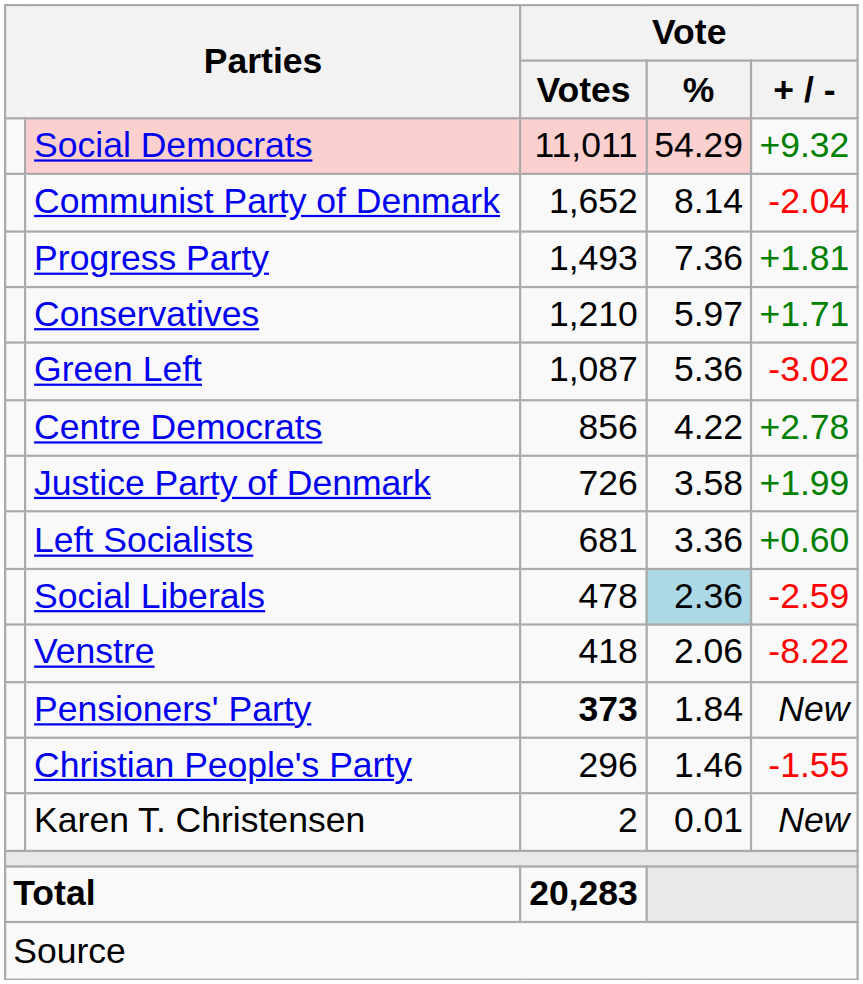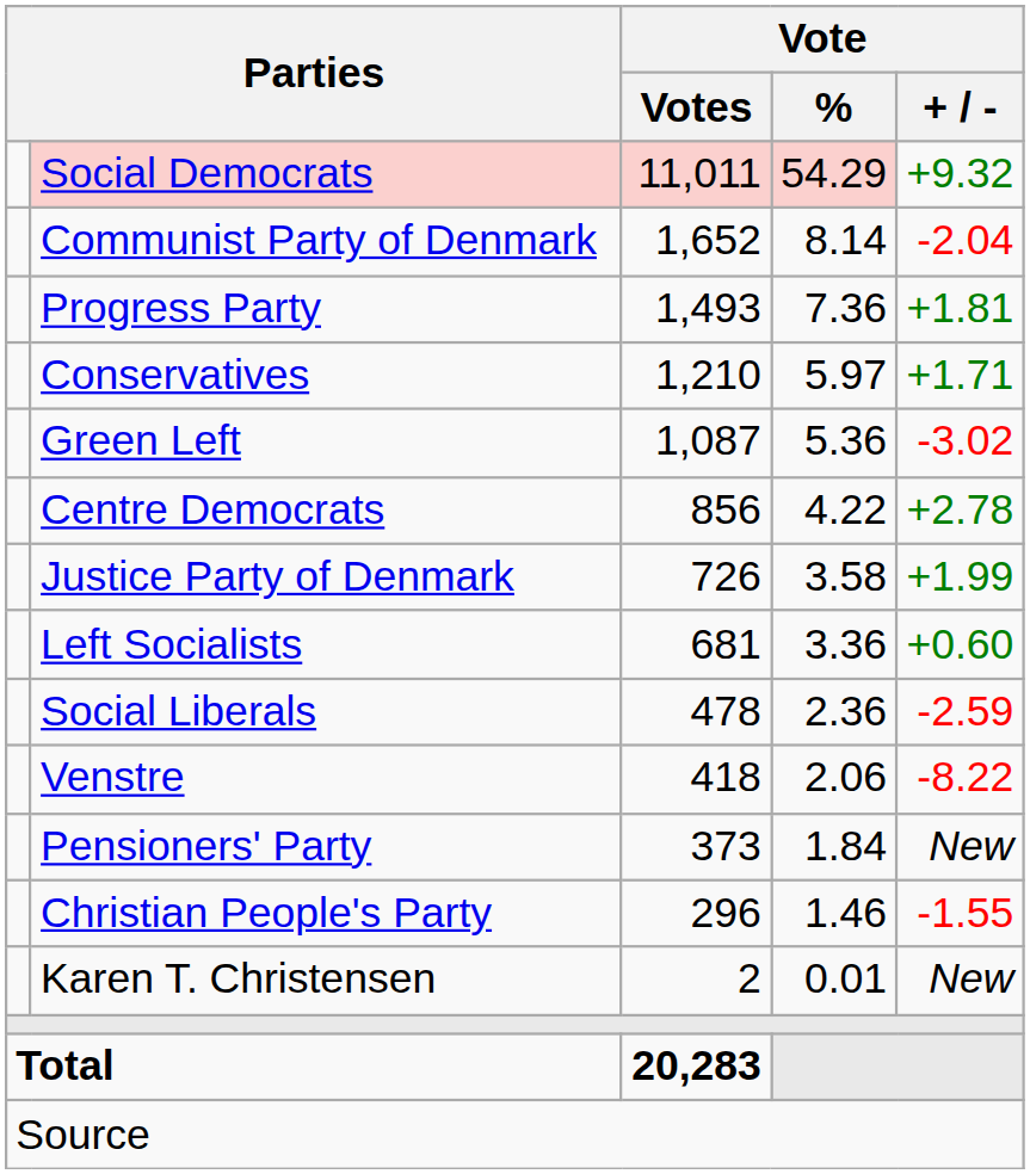 <table class="wikitable" style="text-align:right;">
 <tr>
 <th style="text-align:centre;" rowspan="2" colspan="2" width="225">Parties</th>
 <th colspan="3">Vote</th>
 </tr>
 <tr>
 <th width="15">Votes</th>
 <th width="15">%</th>
 <th width="15">+ / -</th>
 </tr>
 <tr>
 <td width="2" style="color:inherit;background:"></td>
 <td bgcolor=#fbd0ce  align="left"><a href='#'>Social Democrats</a></td>
 <td bgcolor=#fbd0ce>11,011</td>
 <td bgcolor=#fbd0ce>54.29</td>
 <td style=color:green;>+9.32</td>
 </tr>
 <tr>
 <td width="2" style="color:inherit;background:"></td>
 <td align="left"><a href='#'>Communist Party of Denmark</a></td>
 <td>1,652</td>
 <td>8.14</td>
 <td style=color:red;>-2.04</td>
 </tr>
 <tr>
 <td width="2" style="color:inherit;background:"></td>
 <td align="left"><a href='#'>Progress Party</a></td>
 <td>1,493</td>
 <td>7.36</td>
 <td style=color:green;>+1.81</td>
 </tr>
 <tr>
 <td width="2" style="color:inherit;background:"></td>
 <td align="left"><a href='#'>Conservatives</a></td>
 <td>1,210</td>
 <td>5.97</td>
 <td style=color:green;>+1.71</td>
 </tr>
 <tr>
 <td width="2" style="color:inherit;background:"></td>
 <td align="left"><a href='#'>Green Left</a></td>
 <td>1,087</td>
 <td>5.36</td>
 <td style=color:red;>-3.02</td>
 </tr>
 <tr>
 <td width="2" style="color:inherit;background:"></td>
 <td align="left"><a href='#'>Centre Democrats</a></td>
 <td>856</td>
 <td>4.22</td>
 <td style=color:green;>+2.78</td>
 </tr>
 <tr>
 <td width="2" style="color:inherit;background:"></td>
 <td align="left"><a href='#'>Justice Party of Denmark</a></td>
 <td>726</td>
 <td>3.58</td>
 <td style=color:green;>+1.99</td>
 </tr>
 <tr>
 <td width="2" style="color:inherit;background:"></td>
 <td align="left"><a href='#'>Left Socialists</a></td>
 <td>681</td>
 <td>3.36</td>
 <td style=color:green;>+0.60</td>
 </tr>
 <tr>
 <td width="2" style="color:inherit;background:"></td>
 <td align="left"><a href='#'>Social Liberals</a></td>
 <td>478</td>
-<td style="background: lightblue;">2.36</td>
+<td>2.36</td>
 <td style=color:red;>-2.59</td>
 </tr>
 <tr>
 <td width="2" style="color:inherit;background:"></td>
 <td align="left"><a href='#'>Venstre</a></td>
 <td>418</td>
 <td>2.06</td>
 <td style=color:red;>-8.22</td>
 </tr>
 <tr>
 <td width="2" style="color:inherit;background:"></td>
 <td align="left"><a href='#'>Pensioners' Party</a></td>
-<td><strong>373</strong></td>
+<td>373</td>
 <td>1.84</td>
 <td><em>New</em></td>
 </tr>
 <tr>
 <td width="2" style="color:inherit;background:"></td>
 <td align="left"><a href='#'>Christian People's Party</a></td>
 <td>296</td>
 <td>1.46</td>
 <td style=color:red;>-1.55</td>
 </tr>
 <tr>
 <td width="2" style="color:inherit;background:"></td>
 <td align="left">Karen T. Christensen</td>
 <td>2</td>
 <td>0.01</td>
 <td><em>New</em></td>
 </tr>
 <tr>
 <td colspan="7" bgcolor="#E9E9E9"></td>
 </tr>
 <tr>
 <td align="left" colspan="2"><strong>Total</strong></td>
 <td><strong>20,283</strong></td>
 <td bgcolor="#E9E9E9" colspan="2"></td>
 </tr>
 <tr>
 <td align="left" colspan="6">Source</td>
 </tr>
 </table>
